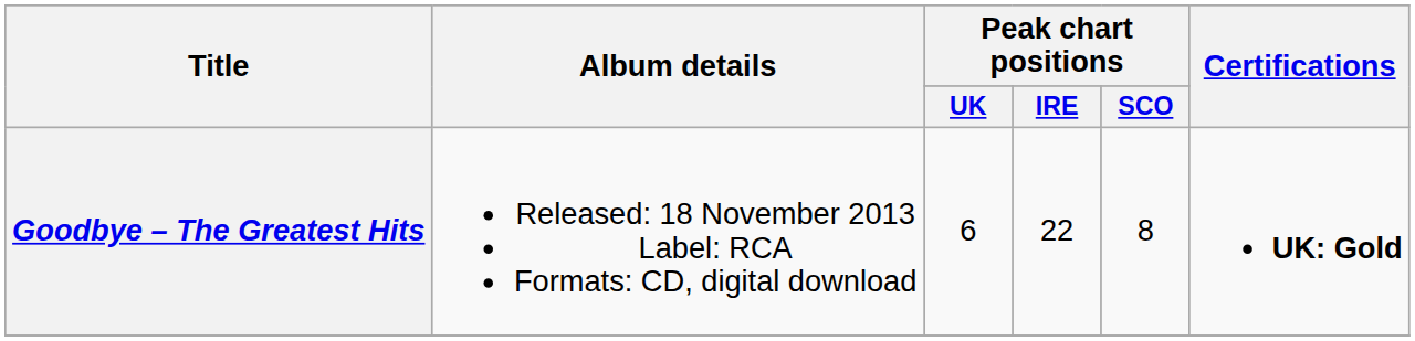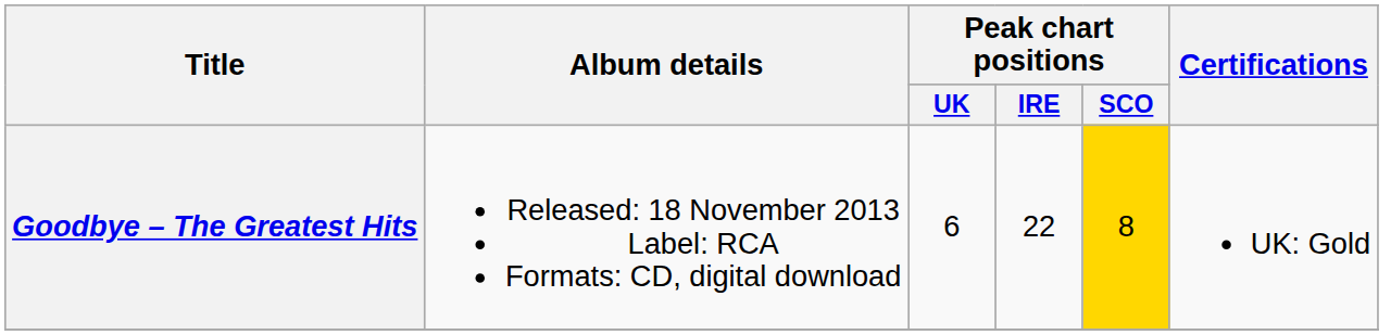 <table class="wikitable plainrowheaders" style="text-align:center;" border="1">
 <tr>
 <th scope="col" rowspan="2">Title</th>
 <th scope="col" rowspan="2">Album details</th>
 <th scope="col" colspan="3">Peak chart positions</th>
 <th scope="col" rowspan="2"><a href='#'>Certifications</a></th>
 </tr>
 <tr>
 <th scope="col" style="width:3em;font-size:85%;"><a href='#'>UK</a><br></th>
 <th scope="col" style="width:3em;font-size:85%;"><a href='#'>IRE</a><br></th>
 <th scope="col" style="width:3em;font-size:85%;"><a href='#'>SCO</a><br></th>
 </tr>
 <tr>
 <th scope="row"><em><a href='#'>Goodbye – The Greatest Hits</a></em></th>
 <td><br><ul><li>Released: 18 November 2013</li><li>Label: RCA</li><li>Formats: CD, digital download</li></ul></td>
 <td>6</td>
 <td>22</td>
-<td>8</td>
-<td><strong><br><ul><li>UK: Gold</li></ul></strong></td>
+<td style="background: gold;">8</td>
+<td><br><ul><li>UK: Gold</li></ul></td>
 </tr>
 <tr>
 </tr>
 </table>
